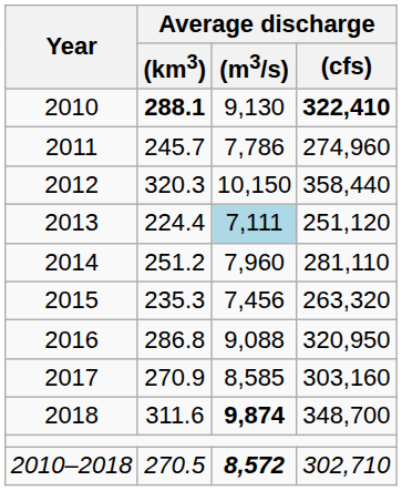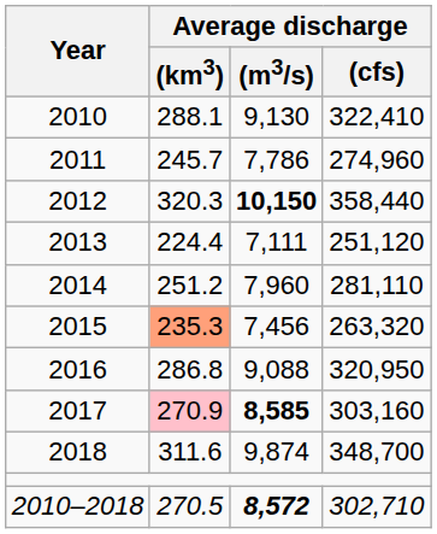 <table class="wikitable" style="text-align:center;">
 <tr>
 <th rowspan="2">Year</th>
 <th colspan="3">Average discharge</th>
 </tr>
 <tr>
 <th>(km<sup>3</sup>)</th>
 <th>(m<sup>3</sup>/s)</th>
 <th>(cfs)</th>
 </tr>
 <tr>
 <td>2010</td>
-<td><strong>288.1</strong></td>
+<td>288.1</td>
 <td>9,130</td>
-<td><strong>322,410</strong></td>
+<td>322,410</td>
 </tr>
 <tr>
 <td>2011</td>
 <td>245.7</td>
 <td>7,786</td>
 <td>274,960</td>
 </tr>
 <tr>
 <td>2012</td>
 <td>320.3</td>
-<td>10,150</td>
+<td><strong>10,150</strong></td>
 <td>358,440</td>
 </tr>
 <tr>
 <td>2013</td>
 <td>224.4</td>
-<td style="background: lightblue;">7,111</td>
+<td>7,111</td>
 <td>251,120</td>
 </tr>
 <tr>
 <td>2014</td>
 <td>251.2</td>
 <td>7,960</td>
 <td>281,110</td>
 </tr>
 <tr>
 <td>2015</td>
-<td>235.3</td>
+<td style="background: lightsalmon;">235.3</td>
 <td>7,456</td>
 <td>263,320</td>
 </tr>
 <tr>
 <td>2016</td>
 <td>286.8</td>
 <td>9,088</td>
 <td>320,950</td>
 </tr>
 <tr>
 <td>2017</td>
-<td>270.9</td>
-<td>8,585</td>
+<td style="background: pink;">270.9</td>
+<td><strong>8,585</strong></td>
 <td>303,160</td>
 </tr>
 <tr>
 <td>2018</td>
 <td>311.6</td>
-<td><strong>9,874</strong></td>
+<td>9,874</td>
 <td>348,700</td>
 </tr>
 <tr>
 <td colspan="4"></td>
 </tr>
 <tr>
 <td><em>2010–2018</em></td>
 <td><em>270.5</em></td>
 <td><strong><em>8,572</em></strong></td>
 <td><em>302,710</em></td>
 </tr>
 </table>
